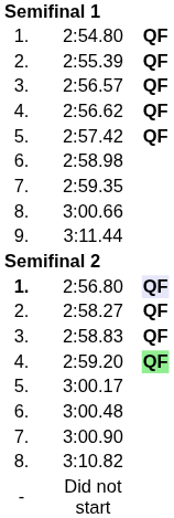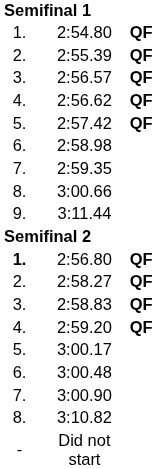 <table style="text-align:center">
 <tr>
 <td colspan=4 align=left><strong>Semifinal 1</strong></td>
 </tr>
 <tr>
 <td width=30>1.</td>
 <td align=left></td>
 <td width=80>2:54.80</td>
 <td><strong>QF</strong></td>
 </tr>
 <tr>
 <td>2.</td>
 <td align=left></td>
 <td>2:55.39</td>
 <td><strong>QF</strong></td>
 </tr>
 <tr>
 <td>3.</td>
 <td align=left></td>
 <td>2:56.57</td>
 <td><strong>QF</strong></td>
 </tr>
 <tr>
 <td>4.</td>
 <td align=left></td>
 <td>2:56.62</td>
 <td><strong>QF</strong></td>
 </tr>
 <tr>
 <td>5.</td>
 <td align=left></td>
 <td>2:57.42</td>
 <td><strong>QF</strong></td>
 </tr>
 <tr>
 <td>6.</td>
 <td align=left></td>
 <td>2:58.98</td>
 <td></td>
 </tr>
 <tr>
 <td>7.</td>
 <td align=left></td>
 <td>2:59.35</td>
 <td></td>
 </tr>
 <tr>
 <td>8.</td>
 <td align=left></td>
 <td>3:00.66</td>
 <td></td>
 </tr>
 <tr>
 <td>9.</td>
 <td align=left></td>
 <td>3:11.44</td>
 <td></td>
 </tr>
 <tr>
 <td colspan=4 align=left><strong>Semifinal 2</strong></td>
 </tr>
 <tr>
 <td width=30><strong>1.</strong></td>
 <td align=left></td>
 <td width=80>2:56.80</td>
-<td style="background: lavender;"><strong>QF</strong></td>
+<td><strong>QF</strong></td>
 </tr>
 <tr>
 <td>2.</td>
 <td align=left></td>
 <td>2:58.27</td>
 <td><strong>QF</strong></td>
 </tr>
 <tr>
 <td>3.</td>
 <td align=left></td>
 <td>2:58.83</td>
 <td><strong>QF</strong></td>
 </tr>
 <tr>
 <td>4.</td>
 <td align=left></td>
 <td>2:59.20</td>
-<td style="background: lightgreen;"><strong>QF</strong></td>
+<td><strong>QF</strong></td>
 </tr>
 <tr>
 <td>5.</td>
 <td align=left></td>
 <td>3:00.17</td>
 <td></td>
 </tr>
 <tr>
 <td>6.</td>
 <td align=left></td>
 <td>3:00.48</td>
 <td></td>
 </tr>
 <tr>
 <td>7.</td>
 <td align=left></td>
 <td>3:00.90</td>
 <td></td>
 </tr>
 <tr>
 <td>8.</td>
 <td align=left></td>
 <td>3:10.82</td>
 <td></td>
 </tr>
 <tr>
 <td>-</td>
 <td align=left></td>
 <td>Did not start</td>
 <td></td>
 </tr>
 </table>
